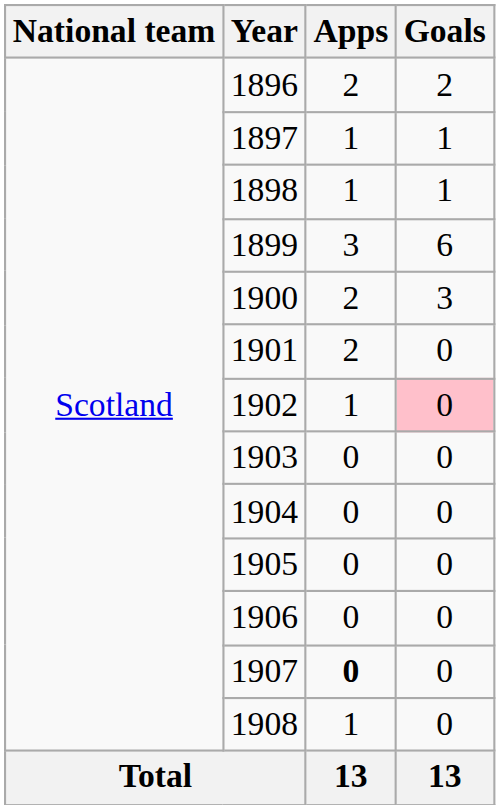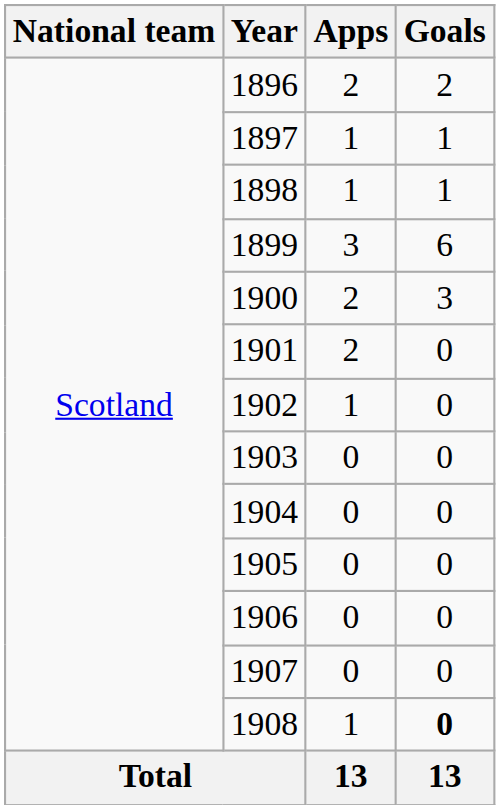 <table class=wikitable style="text-align:center">
 <tr>
 <th>National team</th>
 <th>Year</th>
 <th>Apps</th>
 <th>Goals</th>
 </tr>
 <tr>
 <td rowspan="13"><a href='#'>Scotland</a></td>
 <td>1896</td>
 <td>2</td>
 <td>2</td>
 </tr>
 <tr>
 <td>1897</td>
 <td>1</td>
 <td>1</td>
 </tr>
 <tr>
 <td>1898</td>
 <td>1</td>
 <td>1</td>
 </tr>
 <tr>
 <td>1899</td>
 <td>3</td>
 <td>6</td>
 </tr>
 <tr>
 <td>1900</td>
 <td>2</td>
 <td>3</td>
 </tr>
 <tr>
 <td>1901</td>
 <td>2</td>
 <td>0</td>
 </tr>
 <tr>
 <td>1902</td>
 <td>1</td>
-<td style="background: pink;">0</td>
+<td>0</td>
 </tr>
 <tr>
 <td>1903</td>
 <td>0</td>
 <td>0</td>
 </tr>
 <tr>
 <td>1904</td>
 <td>0</td>
 <td>0</td>
 </tr>
 <tr>
 <td>1905</td>
 <td>0</td>
 <td>0</td>
 </tr>
 <tr>
 <td>1906</td>
 <td>0</td>
 <td>0</td>
 </tr>
 <tr>
 <td>1907</td>
-<td><strong>0</strong></td>
+<td>0</td>
 <td>0</td>
 </tr>
 <tr>
 <td>1908</td>
 <td>1</td>
-<td>0</td>
+<td><strong>0</strong></td>
 </tr>
 <tr>
 <th colspan="2">Total</th>
 <th>13</th>
 <th>13</th>
 </tr>
 </table>
